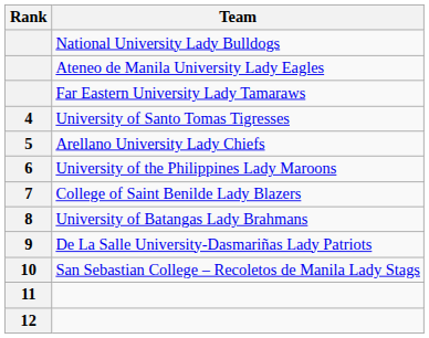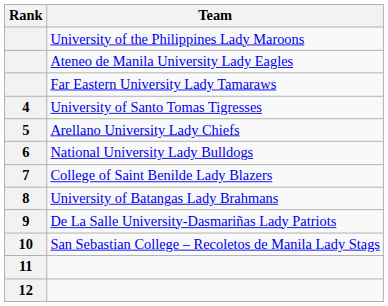 <table class="wikitable" style="text-align: center;">
 <tr>
 <th width=40>Rank</th>
 <th>Team</th>
 </tr>
 <tr>
 <th></th>
-<td style="text-align:left;"> <a href='#'>National University Lady Bulldogs</a></td>
+<td style="text-align:left;"> <a href='#'>University of the Philippines Lady Maroons</a></td>
 </tr>
 <tr>
 <th></th>
 <td style="text-align:left;"> <a href='#'>Ateneo de Manila University Lady Eagles</a></td>
 </tr>
 <tr>
 <th></th>
 <td style="text-align:left;"> <a href='#'>Far Eastern University Lady Tamaraws</a></td>
 </tr>
 <tr>
 <th>4</th>
 <td style="text-align:left;"> <a href='#'>University of Santo Tomas Tigresses</a></td>
 </tr>
 <tr>
 <th>5</th>
 <td style="text-align:left;"> <a href='#'>Arellano University Lady Chiefs</a></td>
 </tr>
 <tr>
 <th>6</th>
-<td style="text-align:left;"> <a href='#'>University of the Philippines Lady Maroons</a></td>
+<td style="text-align:left;"> <a href='#'>National University Lady Bulldogs</a></td>
 </tr>
 <tr>
 <th>7</th>
 <td style="text-align:left;"> <a href='#'>College of Saint Benilde Lady Blazers</a></td>
 </tr>
 <tr>
 <th>8</th>
 <td style="text-align:left;"> <a href='#'>University of Batangas Lady Brahmans</a></td>
 </tr>
 <tr>
 <th>9</th>
 <td style="text-align:left;"> <a href='#'>De La Salle University-Dasmariñas Lady Patriots</a></td>
 </tr>
 <tr>
 <th>10</th>
 <td style="text-align:left;"> <a href='#'>San Sebastian College – Recoletos de Manila Lady Stags</a></td>
 </tr>
 <tr>
 <th>11</th>
 <td style="text-align:left;"></td>
 </tr>
 <tr>
 <th>12</th>
 <td style="text-align:left;"></td>
 </tr>
 </table>
